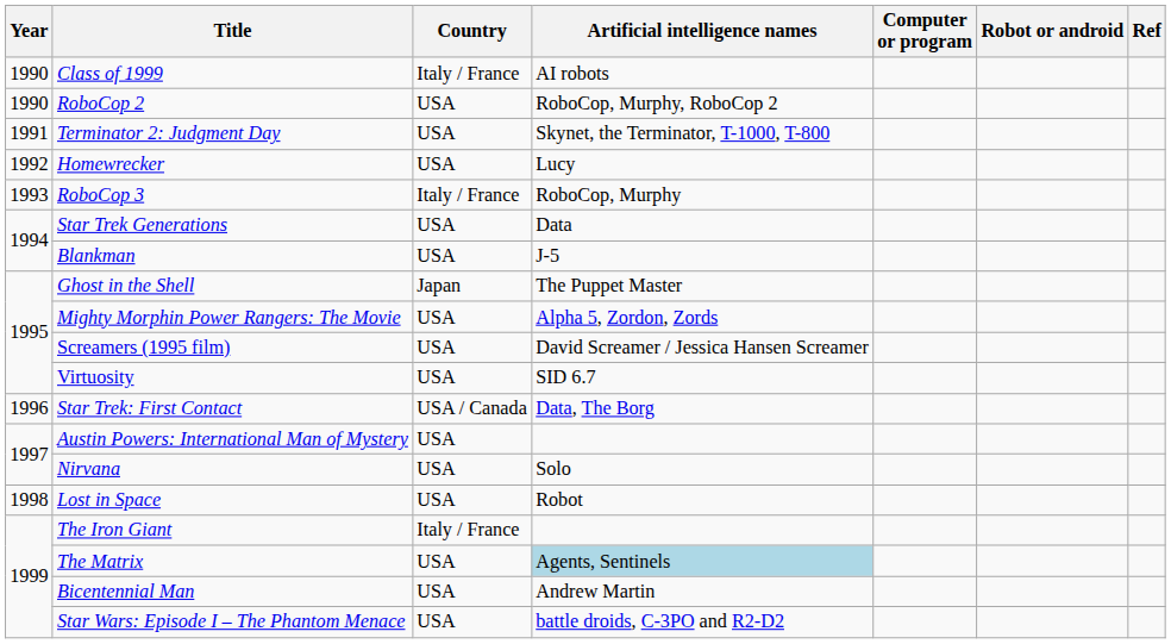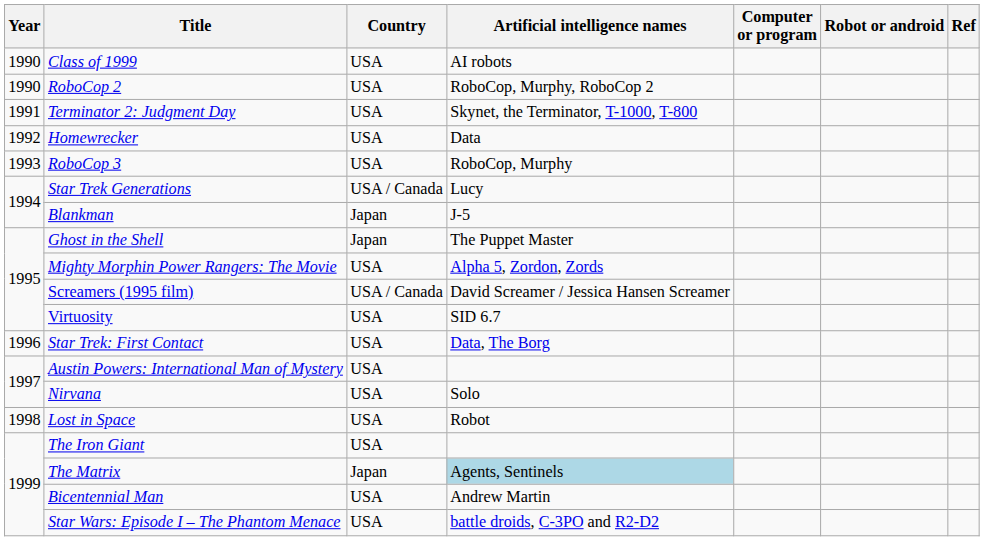 <table class="wikitable sortable mw-datatable">
 <tr>
 <th>Year</th>
 <th>Title</th>
 <th>Country</th>
 <th>Artificial intelligence names</th>
 <th>Computer<br>or program</th>
 <th>Robot or android</th>
 <th>Ref</th>
 </tr>
 <tr>
 <td>1990</td>
 <td><em><a href='#'>Class of 1999</a></em></td>
-<td>Italy / France</td>
+<td>USA</td>
 <td>AI robots</td>
 <td></td>
 <td></td>
 <td></td>
 </tr>
 <tr>
 <td>1990</td>
 <td><em><a href='#'>RoboCop 2</a></em></td>
 <td>USA</td>
 <td>RoboCop, Murphy, RoboCop 2</td>
 <td></td>
 <td></td>
 <td></td>
 </tr>
 <tr>
 <td>1991</td>
 <td><em><a href='#'>Terminator 2: Judgment Day</a></em></td>
 <td>USA</td>
 <td>Skynet, the Terminator, <a href='#'>T-1000</a>, <a href='#'>T-800</a></td>
 <td></td>
 <td></td>
 <td></td>
 </tr>
 <tr>
 <td>1992</td>
 <td><em><a href='#'>Homewrecker</a></em></td>
 <td>USA</td>
-<td>Lucy</td>
+<td>Data</td>
 <td></td>
 <td></td>
 <td></td>
 </tr>
 <tr>
 <td>1993</td>
 <td><em><a href='#'>RoboCop 3</a></em></td>
-<td>Italy / France</td>
+<td>USA</td>
 <td>RoboCop, Murphy</td>
 <td></td>
 <td></td>
 <td></td>
 </tr>
 <tr>
 <td rowspan="2">1994</td>
 <td><em><a href='#'>Star Trek Generations</a></em></td>
-<td>USA</td>
-<td>Data</td>
+<td>USA / Canada</td>
+<td>Lucy</td>
 <td></td>
 <td></td>
 <td></td>
 </tr>
 <tr>
 <td><em><a href='#'>Blankman</a></em></td>
-<td>USA</td>
+<td>Japan</td>
 <td>J-5</td>
 <td></td>
 <td></td>
 <td></td>
 </tr>
 <tr>
 <td rowspan="4">1995</td>
 <td><em><a href='#'>Ghost in the Shell</a></em></td>
 <td>Japan</td>
 <td>The Puppet Master</td>
 <td></td>
 <td></td>
 <td></td>
 </tr>
 <tr>
 <td><em><a href='#'>Mighty Morphin Power Rangers: The Movie</a></em></td>
 <td>USA</td>
 <td><a href='#'>Alpha 5</a>, <a href='#'>Zordon</a>, <a href='#'>Zords</a></td>
 <td></td>
 <td></td>
 <td></td>
 </tr>
 <tr>
 <td><a href='#'>Screamers (1995 film)</a></td>
-<td>USA</td>
+<td>USA / Canada</td>
 <td>David Screamer / Jessica Hansen Screamer</td>
 <td></td>
 <td></td>
 <td></td>
 </tr>
 <tr>
 <td><a href='#'>Virtuosity</a></td>
 <td>USA</td>
 <td>SID 6.7</td>
 <td></td>
 <td></td>
 <td></td>
 </tr>
 <tr>
 <td>1996</td>
 <td><em><a href='#'>Star Trek: First Contact</a></em></td>
-<td>USA / Canada</td>
+<td>USA</td>
 <td><a href='#'>Data</a>, <a href='#'>The Borg</a></td>
 <td></td>
 <td></td>
 <td></td>
 </tr>
 <tr>
 <td rowspan="2">1997</td>
 <td><em><a href='#'>Austin Powers: International Man of Mystery</a></em></td>
 <td>USA</td>
 <td></td>
 <td></td>
 <td></td>
 <td></td>
 </tr>
 <tr>
 <td><em><a href='#'>Nirvana</a></em></td>
 <td>USA</td>
 <td>Solo</td>
 <td></td>
 <td></td>
 <td></td>
 </tr>
 <tr>
 <td>1998</td>
 <td><em><a href='#'>Lost in Space</a></em></td>
 <td>USA</td>
 <td>Robot</td>
 <td></td>
 <td></td>
 <td></td>
 </tr>
 <tr>
 <td rowspan="4">1999</td>
 <td><em><a href='#'>The Iron Giant</a></em></td>
-<td>Italy / France</td>
+<td>USA</td>
 <td></td>
 <td></td>
 <td></td>
 <td></td>
 </tr>
 <tr>
 <td><em><a href='#'>The Matrix</a></em></td>
-<td>USA</td>
+<td>Japan</td>
 <td style="background: lightblue;">Agents, Sentinels</td>
 <td></td>
 <td></td>
 <td></td>
 </tr>
 <tr>
 <td><em><a href='#'>Bicentennial Man</a></em></td>
 <td>USA</td>
 <td>Andrew Martin</td>
 <td></td>
 <td></td>
 <td></td>
 </tr>
 <tr>
 <td><em><a href='#'>Star Wars: Episode I – The Phantom Menace</a></em></td>
 <td>USA</td>
 <td><a href='#'>battle droids</a>, <a href='#'>C-3PO</a> and <a href='#'>R2-D2</a></td>
 <td></td>
 <td></td>
 <td></td>
 </tr>
 </table>
